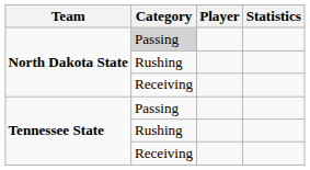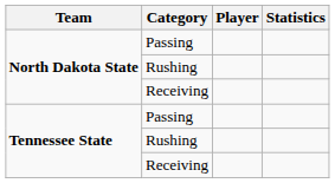 <table class="wikitable" style="float: right;">
 <tr>
 <th>Team</th>
 <th>Category</th>
 <th>Player</th>
 <th>Statistics</th>
 </tr>
 <tr>
 <td rowspan=3><strong>North Dakota State</strong></td>
-<td style="background: lightgrey;">Passing</td>
+<td>Passing</td>
 <td></td>
 <td></td>
 </tr>
 <tr>
 <td>Rushing</td>
 <td></td>
 <td></td>
 </tr>
 <tr>
 <td>Receiving</td>
 <td></td>
 <td></td>
 </tr>
 <tr>
 <td rowspan=3><strong>Tennessee State</strong></td>
 <td>Passing</td>
 <td></td>
 <td></td>
 </tr>
 <tr>
 <td>Rushing</td>
 <td></td>
 <td></td>
 </tr>
 <tr>
 <td>Receiving</td>
 <td></td>
 <td></td>
 </tr>
 </table>
